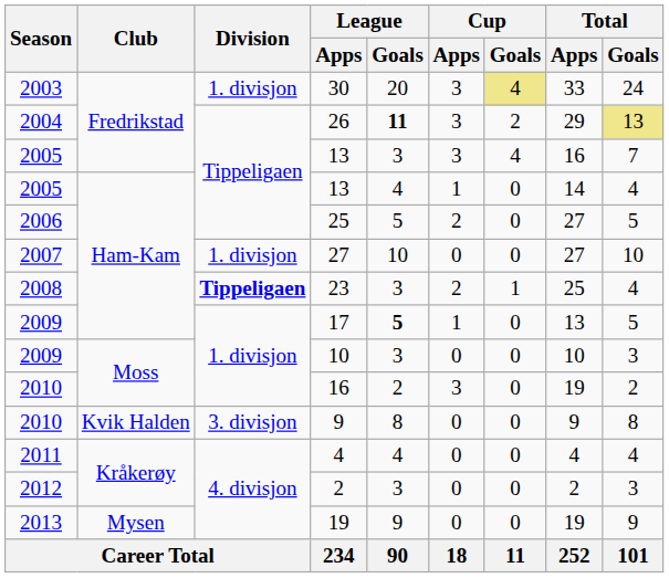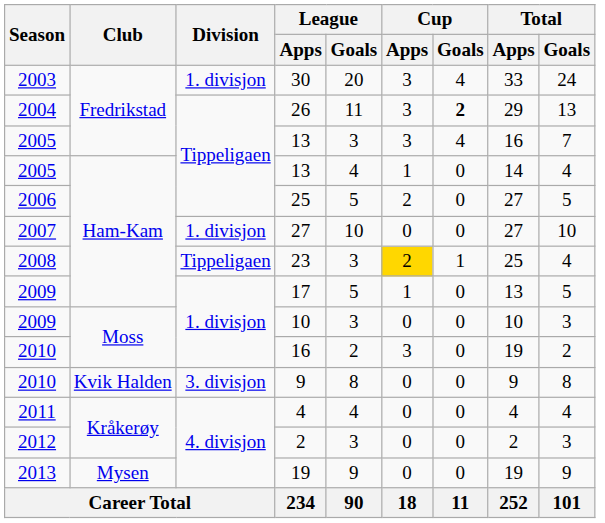 <table class="wikitable" style="text-align: center;">
 <tr>
 <th rowspan="2">Season</th>
 <th rowspan="2">Club</th>
 <th rowspan="2">Division</th>
 <th colspan="2">League</th>
 <th colspan="2">Cup</th>
 <th colspan="2">Total</th>
 </tr>
 <tr>
 <th>Apps</th>
 <th>Goals</th>
 <th>Apps</th>
 <th>Goals</th>
 <th>Apps</th>
 <th>Goals</th>
 </tr>
 <tr>
 <td><a href='#'>2003</a></td>
 <td rowspan="3" valign="center"><a href='#'>Fredrikstad</a></td>
 <td rowspan="1" valign="center"><a href='#'>1. divisjon</a></td>
 <td>30</td>
 <td>20</td>
 <td>3</td>
-<td style="background: khaki;">4</td>
+<td>4</td>
 <td>33</td>
 <td>24</td>
 </tr>
 <tr>
 <td><a href='#'>2004</a></td>
 <td rowspan="4" valign="center"><a href='#'>Tippeligaen</a></td>
 <td>26</td>
-<td><strong>11</strong></td>
+<td>11</td>
 <td>3</td>
-<td>2</td>
+<td><strong>2</strong></td>
 <td>29</td>
-<td style="background: khaki;">13</td>
+<td>13</td>
 </tr>
 <tr>
 <td><a href='#'>2005</a></td>
 <td>13</td>
 <td>3</td>
 <td>3</td>
 <td>4</td>
 <td>16</td>
 <td>7</td>
 </tr>
 <tr>
 <td><a href='#'>2005</a></td>
 <td rowspan="5" valign="center"><a href='#'>Ham-Kam</a></td>
 <td>13</td>
 <td>4</td>
 <td>1</td>
 <td>0</td>
 <td>14</td>
 <td>4</td>
 </tr>
 <tr>
 <td><a href='#'>2006</a></td>
 <td>25</td>
 <td>5</td>
 <td>2</td>
 <td>0</td>
 <td>27</td>
 <td>5</td>
 </tr>
 <tr>
 <td><a href='#'>2007</a></td>
 <td rowspan="1" valign="center"><a href='#'>1. divisjon</a></td>
 <td>27</td>
 <td>10</td>
 <td>0</td>
 <td>0</td>
 <td>27</td>
 <td>10</td>
 </tr>
 <tr>
 <td><a href='#'>2008</a></td>
-<td rowspan="1" valign="center"><strong><a href='#'>Tippeligaen</a></strong></td>
+<td rowspan="1" valign="center"><a href='#'>Tippeligaen</a></td>
 <td>23</td>
 <td>3</td>
-<td>2</td>
+<td style="background: gold;">2</td>
 <td>1</td>
 <td>25</td>
 <td>4</td>
 </tr>
 <tr>
 <td><a href='#'>2009</a></td>
 <td rowspan="3" valign="center"><a href='#'>1. divisjon</a></td>
 <td>17</td>
-<td><strong>5</strong></td>
+<td>5</td>
 <td>1</td>
 <td>0</td>
 <td>13</td>
 <td>5</td>
 </tr>
 <tr>
 <td><a href='#'>2009</a></td>
 <td rowspan="2" valign="center"><a href='#'>Moss</a></td>
 <td>10</td>
 <td>3</td>
 <td>0</td>
 <td>0</td>
 <td>10</td>
 <td>3</td>
 </tr>
 <tr>
 <td><a href='#'>2010</a></td>
 <td>16</td>
 <td>2</td>
 <td>3</td>
 <td>0</td>
 <td>19</td>
 <td>2</td>
 </tr>
 <tr>
 <td><a href='#'>2010</a></td>
 <td rowspan="1" valign="center"><a href='#'>Kvik Halden</a></td>
 <td rowspan="1" valign="center"><a href='#'>3. divisjon</a></td>
 <td>9</td>
 <td>8</td>
 <td>0</td>
 <td>0</td>
 <td>9</td>
 <td>8</td>
 </tr>
 <tr>
 <td><a href='#'>2011</a></td>
 <td rowspan="2" valign="center"><a href='#'>Kråkerøy</a></td>
 <td rowspan="3" valign="center"><a href='#'>4. divisjon</a></td>
 <td>4</td>
 <td>4</td>
 <td>0</td>
 <td>0</td>
 <td>4</td>
 <td>4</td>
 </tr>
 <tr>
 <td><a href='#'>2012</a></td>
 <td>2</td>
 <td>3</td>
 <td>0</td>
 <td>0</td>
 <td>2</td>
 <td>3</td>
 </tr>
 <tr>
 <td><a href='#'>2013</a></td>
 <td rowspan="1" valign="center"><a href='#'>Mysen</a></td>
 <td>19</td>
 <td>9</td>
 <td>0</td>
 <td>0</td>
 <td>19</td>
 <td>9</td>
 </tr>
 <tr>
 <th colspan="3">Career Total</th>
 <th>234</th>
 <th>90</th>
 <th>18</th>
 <th>11</th>
 <th>252</th>
 <th>101</th>
 </tr>
 </table>
